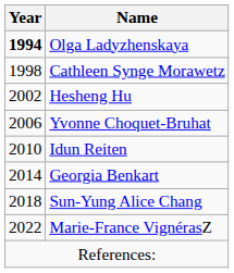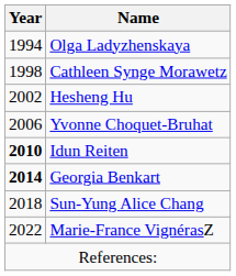 <table class="wikitable sortable">
 <tr>
 <th>Year</th>
 <th>Name</th>
 </tr>
 <tr>
-<td><strong>1994</strong></td>
+<td>1994</td>
 <td><a href='#'>Olga Ladyzhenskaya</a></td>
 </tr>
 <tr>
 <td>1998</td>
 <td><a href='#'>Cathleen Synge Morawetz</a></td>
 </tr>
 <tr>
 <td>2002</td>
 <td><a href='#'>Hesheng Hu</a></td>
 </tr>
 <tr>
 <td>2006</td>
 <td><a href='#'>Yvonne Choquet-Bruhat</a></td>
 </tr>
 <tr>
-<td>2010</td>
+<td><strong>2010</strong></td>
 <td><a href='#'>Idun Reiten</a></td>
 </tr>
 <tr>
-<td>2014</td>
+<td><strong>2014</strong></td>
 <td><a href='#'>Georgia Benkart</a></td>
 </tr>
 <tr>
 <td>2018</td>
 <td><a href='#'>Sun-Yung Alice Chang</a></td>
 </tr>
 <tr>
 <td>2022</td>
 <td><a href='#'>Marie-France Vignéras</a><span>Z</span></td>
 </tr>
 <tr class="sortbottom">
 <td colspan="2" align="center">References: </td>
 </tr>
 </table>
